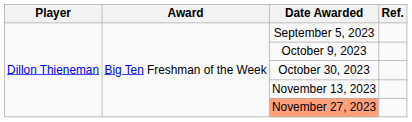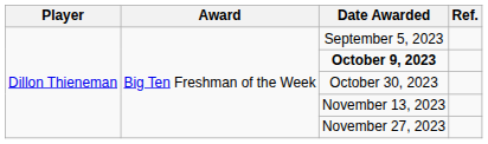 <table class="wikitable sortable sortable" style="text-align: center">
 <tr>
 <th>Player</th>
 <th>Award</th>
 <th>Date Awarded</th>
 <th>Ref.</th>
 </tr>
 <tr>
 <td rowspan=5><a href='#'>Dillon Thieneman</a></td>
 <td rowspan=5><a href='#'>Big Ten</a> Freshman of the Week</td>
 <td>September 5, 2023</td>
 <td></td>
 </tr>
 <tr>
-<td>October 9, 2023</td>
+<td><strong>October 9, 2023</strong></td>
 <td></td>
 </tr>
 <tr>
 <td>October 30, 2023</td>
 <td></td>
 </tr>
 <tr>
 <td>November 13, 2023</td>
 <td></td>
 </tr>
 <tr>
-<td style="background: lightsalmon;">November 27, 2023</td>
+<td>November 27, 2023</td>
 <td></td>
 </tr>
 </table>
